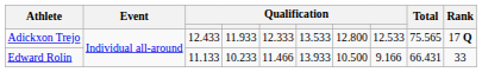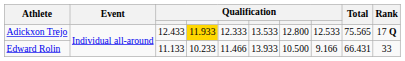 <table class="wikitable" style="font-size:90%">
 <tr>
 <th rowspan=2>Athlete</th>
 <th rowspan=2>Event</th>
 <th colspan=6>Qualification</th>
 <th rowspan=2>Total</th>
 <th rowspan=2>Rank</th>
 </tr>
 <tr style="font-size:95%">
 <th></th>
 <th></th>
 <th></th>
 <th></th>
 <th></th>
 <th></th>
 </tr>
 <tr align=center>
 <td align=left><a href='#'>Adickxon Trejo</a></td>
 <td align=left rowspan=2><a href='#'>Individual all-around</a></td>
 <td>12.433</td>
-<td>11.933</td>
+<td style="background: gold;">11.933</td>
 <td>12.333</td>
 <td>13.533</td>
 <td>12.800</td>
 <td>12.533</td>
 <td>75.565</td>
 <td>17 <strong>Q</strong></td>
 </tr>
 <tr align=center>
 <td align=left><a href='#'>Edward Rolin</a></td>
 <td>11.133</td>
 <td>10.233</td>
 <td>11.466</td>
 <td>13.933</td>
 <td>10.500</td>
 <td>9.166</td>
 <td>66.431</td>
 <td>33</td>
 </tr>
 </table>
